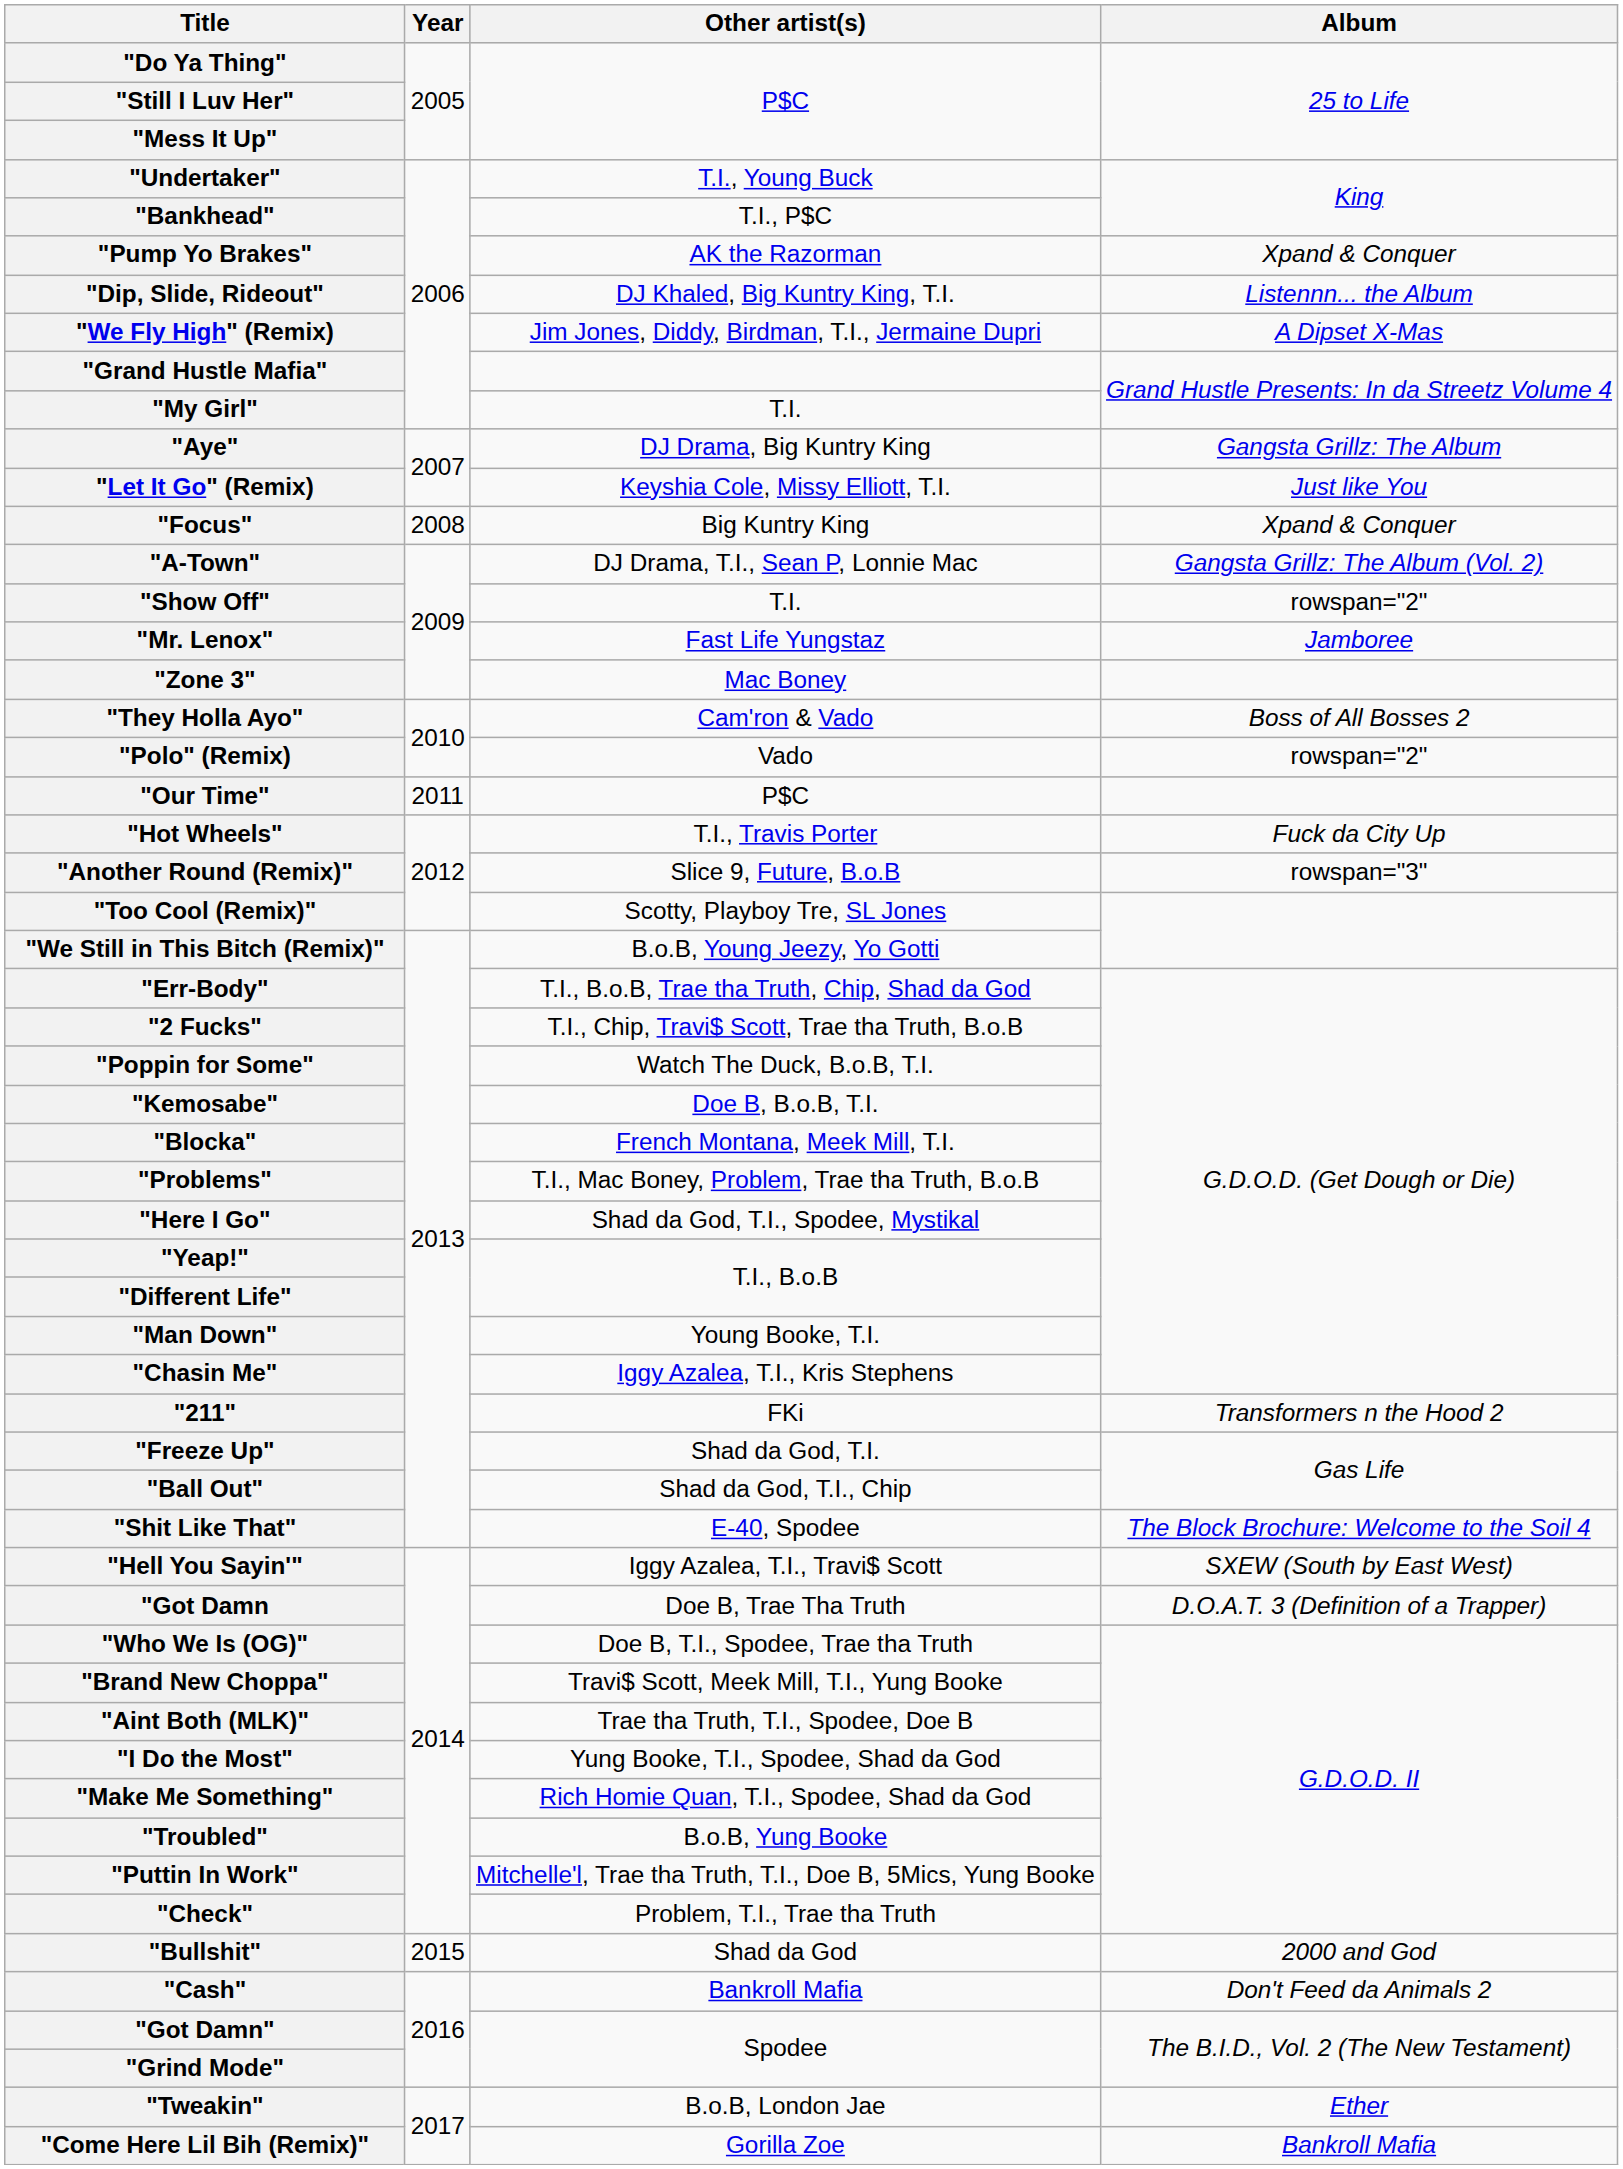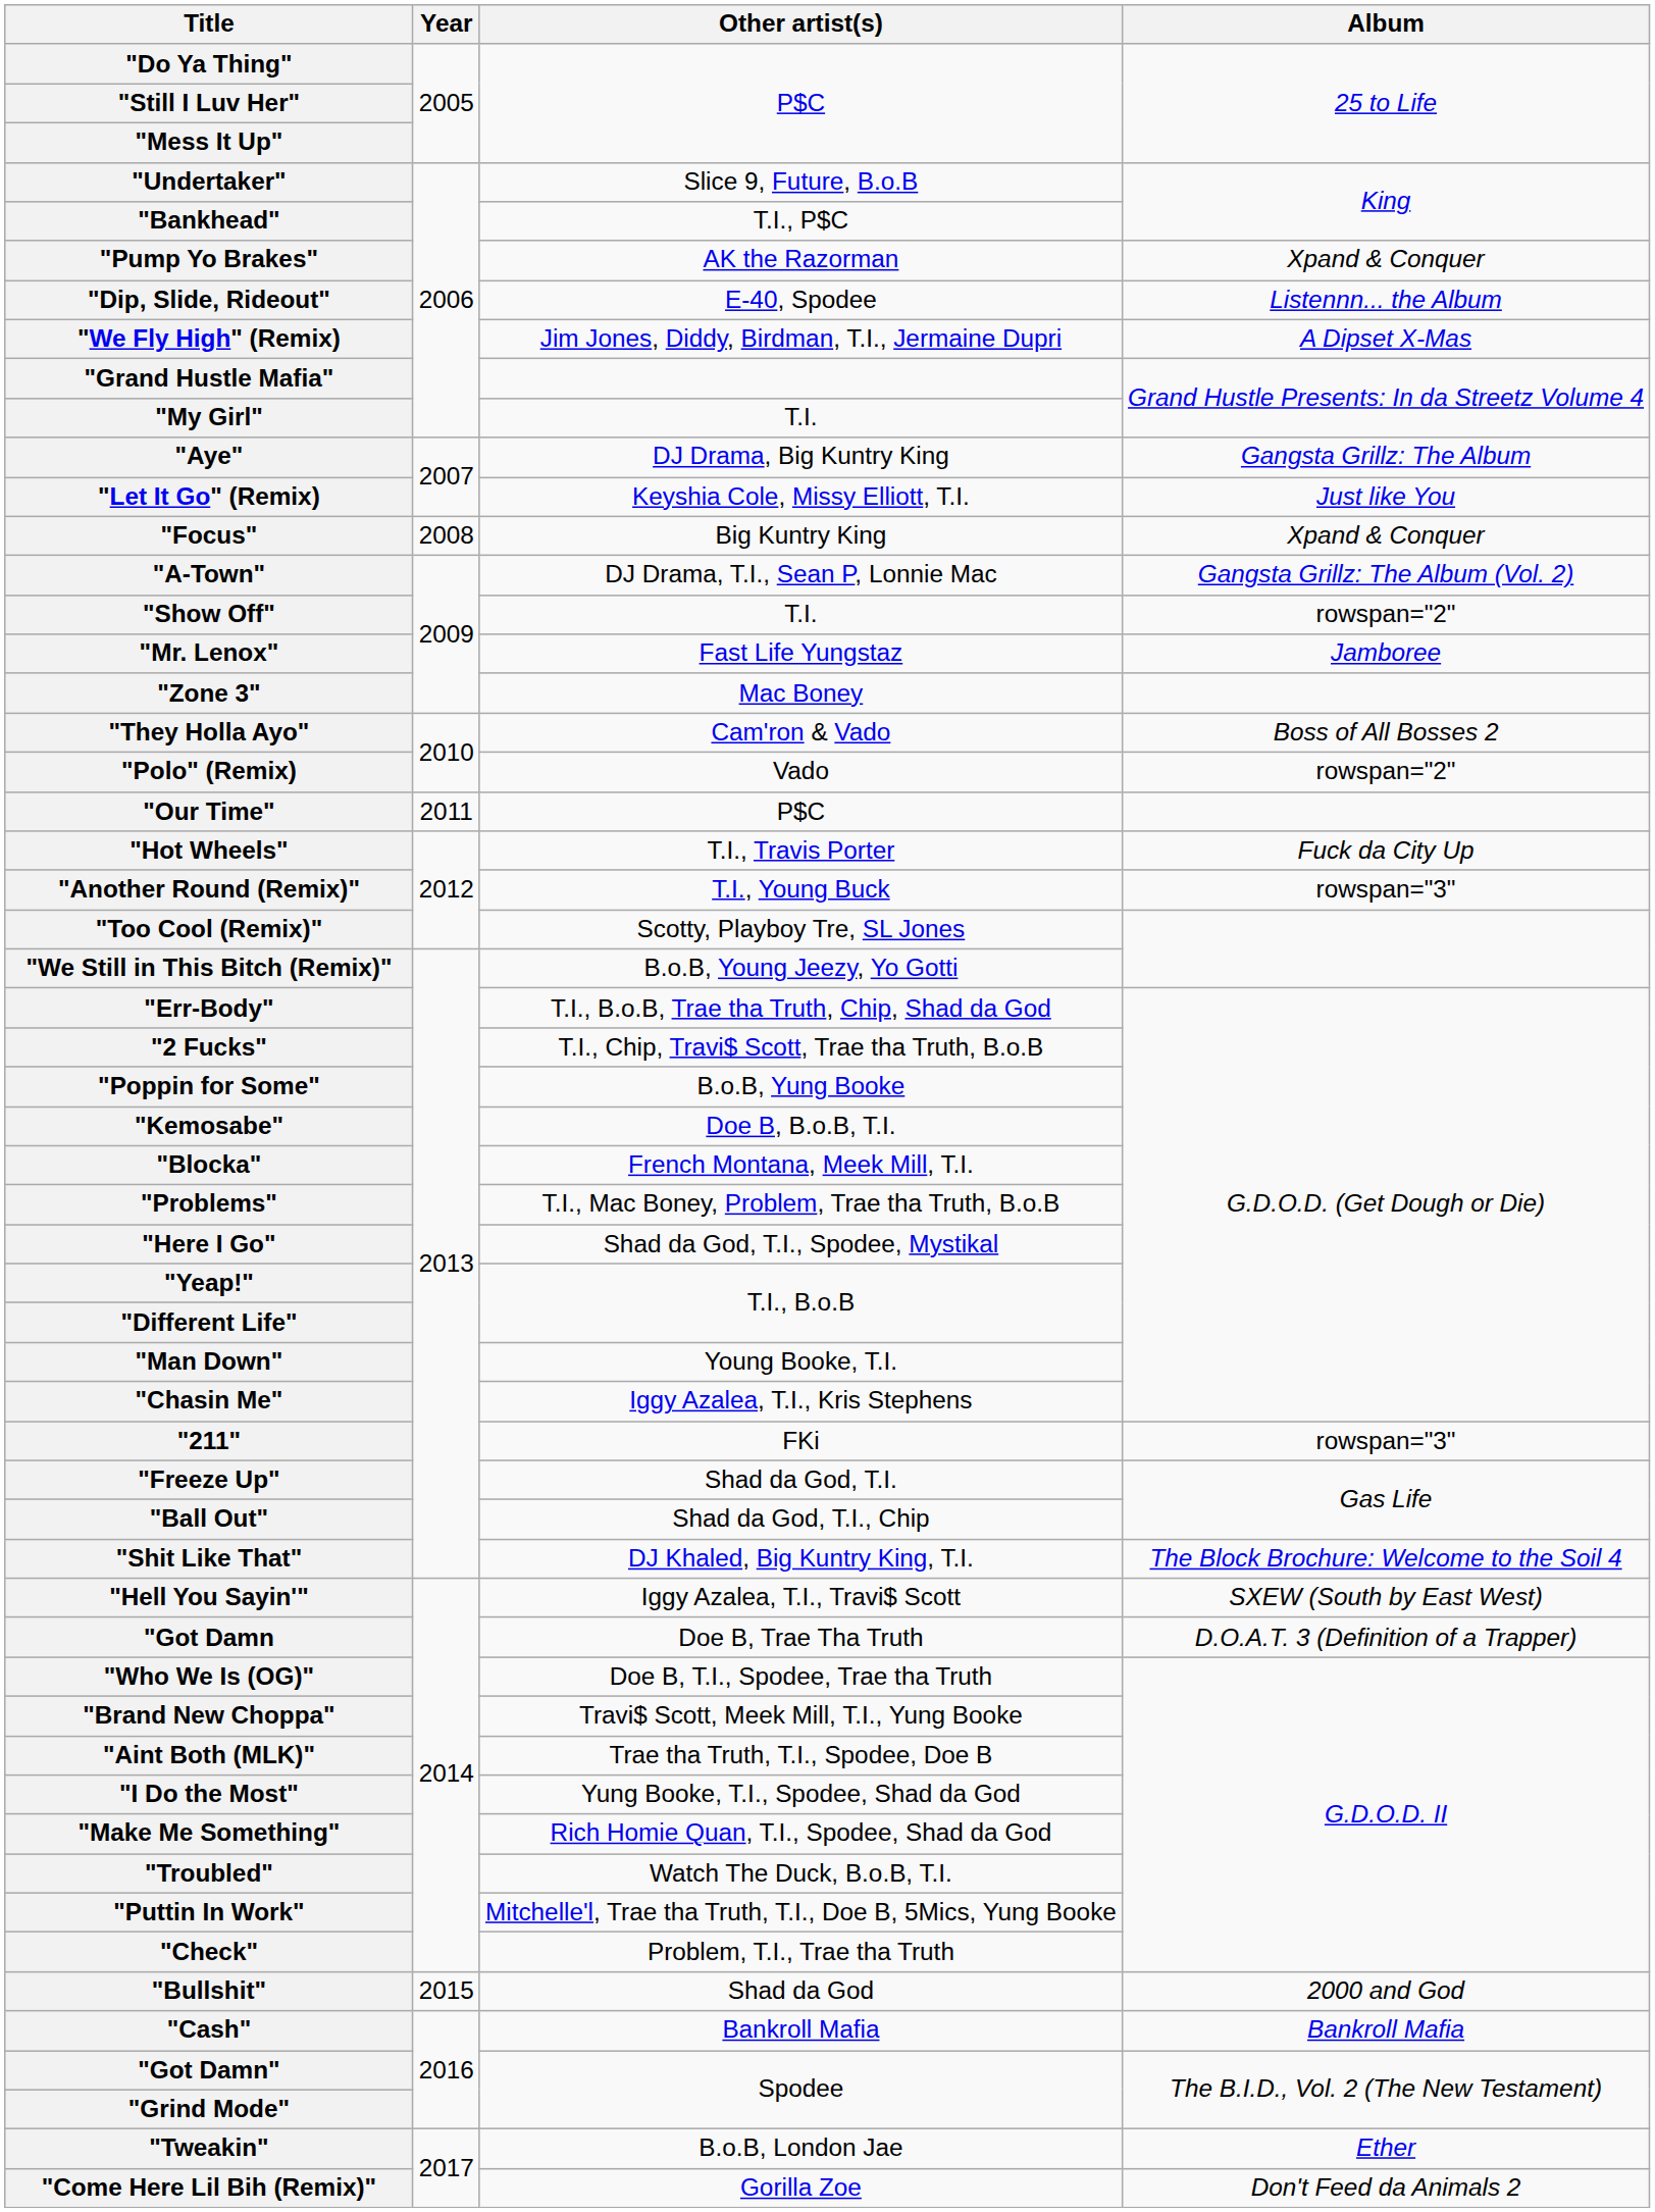 <table class="wikitable plainrowheaders" style="text-align:center">
 <tr>
 <th scope="col" style="width:16em;">Title</th>
 <th scope="col">Year</th>
 <th scope="col">Other artist(s)</th>
 <th scope="col">Album</th>
 </tr>
 <tr>
 <th scope="row">"Do Ya Thing"</th>
 <td rowspan="3">2005</td>
 <td rowspan="3"><a href='#'>P$C</a></td>
 <td rowspan="3"><em><a href='#'>25 to Life</a></em></td>
 </tr>
 <tr>
 <th scope="row">"Still I Luv Her"</th>
 </tr>
 <tr>
 <th scope="row">"Mess It Up"</th>
 </tr>
 <tr>
 <th scope="row">"Undertaker"</th>
 <td rowspan="7">2006</td>
-<td><a href='#'>T.I.</a>, <a href='#'>Young Buck</a></td>
+<td>Slice 9, <a href='#'>Future</a>, <a href='#'>B.o.B</a></td>
 <td rowspan="2"><em><a href='#'>King</a></em></td>
 </tr>
 <tr>
 <th scope="row">"Bankhead"</th>
 <td>T.I., P$C</td>
 </tr>
 <tr>
 <th scope="row">"Pump Yo Brakes"</th>
 <td><a href='#'>AK the Razorman</a></td>
 <td><em>Xpand & Conquer</em></td>
 </tr>
 <tr>
 <th scope="row">"Dip, Slide, Rideout"</th>
-<td><a href='#'>DJ Khaled</a>, <a href='#'>Big Kuntry King</a>, T.I.</td>
+<td><a href='#'>E-40</a>, Spodee</td>
 <td><em><a href='#'>Listennn... the Album</a></em></td>
 </tr>
 <tr>
 <th scope="row">"<a href='#'>We Fly High</a>" (Remix)</th>
 <td><a href='#'>Jim Jones</a>, <a href='#'>Diddy</a>, <a href='#'>Birdman</a>, T.I., <a href='#'>Jermaine Dupri</a></td>
 <td><em><a href='#'>A Dipset X-Mas</a></em></td>
 </tr>
 <tr>
 <th scope="row">"Grand Hustle Mafia"</th>
 <td></td>
 <td rowspan="2"><em><a href='#'>Grand Hustle Presents: In da Streetz Volume 4</a></em></td>
 </tr>
 <tr>
 <th scope="row">"My Girl"</th>
 <td>T.I.</td>
 </tr>
 <tr>
 <th scope="row">"Aye"</th>
 <td rowspan="2">2007</td>
 <td><a href='#'>DJ Drama</a>, Big Kuntry King</td>
 <td><em><a href='#'>Gangsta Grillz: The Album</a></em></td>
 </tr>
 <tr>
 <th scope="row">"<a href='#'>Let It Go</a>" (Remix)</th>
 <td><a href='#'>Keyshia Cole</a>, <a href='#'>Missy Elliott</a>, T.I.</td>
 <td><em><a href='#'>Just like You</a></em></td>
 </tr>
 <tr>
 <th scope="row">"Focus"</th>
 <td>2008</td>
 <td>Big Kuntry King</td>
 <td><em>Xpand & Conquer</em></td>
 </tr>
 <tr>
 <th scope="row">"A-Town"</th>
 <td rowspan="4">2009</td>
 <td>DJ Drama, T.I., <a href='#'>Sean P</a>, Lonnie Mac</td>
 <td><em><a href='#'>Gangsta Grillz: The Album (Vol. 2)</a></em></td>
 </tr>
 <tr>
 <th scope="row">"Show Off"</th>
 <td>T.I.</td>
 <td>rowspan="2" </td>
 </tr>
 <tr>
 <th scope="row">"Mr. Lenox"</th>
 <td><a href='#'>Fast Life Yungstaz</a></td>
 <td><em><a href='#'>Jamboree</a></em></td>
 </tr>
 <tr>
 <th scope="row">"Zone 3"</th>
 <td><a href='#'>Mac Boney</a></td>
 <td></td>
 </tr>
 <tr>
 <th scope="row">"They Holla Ayo"<br></th>
 <td rowspan="2">2010</td>
 <td><a href='#'>Cam'ron</a> & <a href='#'>Vado</a></td>
 <td><em>Boss of All Bosses 2</em></td>
 </tr>
 <tr>
 <th scope="row">"Polo" (Remix)</th>
 <td>Vado</td>
 <td>rowspan="2" </td>
 </tr>
 <tr>
 <th scope="row">"Our Time"</th>
 <td>2011</td>
 <td>P$C</td>
 </tr>
 <tr>
 <th scope="row">"Hot Wheels"</th>
 <td rowspan="3">2012</td>
 <td>T.I., <a href='#'>Travis Porter</a></td>
 <td><em>Fuck da City Up</em></td>
 </tr>
 <tr>
 <th scope="row">"Another Round (Remix)"</th>
-<td>Slice 9, <a href='#'>Future</a>, <a href='#'>B.o.B</a></td>
+<td><a href='#'>T.I.</a>, <a href='#'>Young Buck</a></td>
 <td>rowspan="3" </td>
 </tr>
 <tr>
 <th scope="row">"Too Cool (Remix)"</th>
 <td>Scotty, Playboy Tre, <a href='#'>SL Jones</a></td>
 </tr>
 <tr>
 <th scope="row">"We Still in This Bitch (Remix)"</th>
 <td rowspan="16">2013</td>
 <td>B.o.B, <a href='#'>Young Jeezy</a>, <a href='#'>Yo Gotti</a></td>
 </tr>
 <tr>
 <th scope="row">"Err-Body"</th>
 <td>T.I., B.o.B, <a href='#'>Trae tha Truth</a>, <a href='#'>Chip</a>, <a href='#'>Shad da God</a></td>
 <td rowspan="11"><em>G.D.O.D. (Get Dough or Die)</em></td>
 </tr>
 <tr>
 <th scope="row">"2 Fucks"</th>
 <td>T.I., Chip, <a href='#'>Travi$ Scott</a>, Trae tha Truth, B.o.B</td>
 </tr>
 <tr>
 <th scope="row">"Poppin for Some"</th>
-<td>Watch The Duck, B.o.B, T.I.</td>
+<td>B.o.B, <a href='#'>Yung Booke</a></td>
 </tr>
 <tr>
 <th scope="row">"Kemosabe"</th>
 <td><a href='#'>Doe B</a>, B.o.B, T.I.</td>
 </tr>
 <tr>
 <th scope="row">"Blocka"</th>
 <td><a href='#'>French Montana</a>, <a href='#'>Meek Mill</a>, T.I.</td>
 </tr>
 <tr>
 <th scope="row">"Problems"</th>
 <td>T.I., Mac Boney, <a href='#'>Problem</a>, Trae tha Truth, B.o.B</td>
 </tr>
 <tr>
 <th scope="row">"Here I Go"</th>
 <td>Shad da God, T.I., Spodee, <a href='#'>Mystikal</a></td>
 </tr>
 <tr>
 <th scope="row">"Yeap!"</th>
 <td rowspan="2">T.I., B.o.B</td>
 </tr>
 <tr>
 <th scope="row">"Different Life"</th>
 </tr>
 <tr>
 <th scope="row">"Man Down"</th>
 <td>Young Booke, T.I.</td>
 </tr>
 <tr>
 <th scope="row">"Chasin Me"</th>
 <td><a href='#'>Iggy Azalea</a>, T.I., Kris Stephens</td>
 </tr>
 <tr>
 <th scope="row">"211"</th>
 <td>FKi</td>
-<td><em>Transformers n the Hood 2</em></td>
+<td>rowspan="3" </td>
 </tr>
 <tr>
 <th scope="row">"Freeze Up"</th>
 <td>Shad da God, T.I.</td>
 <td rowspan="2"><em>Gas Life</em></td>
 </tr>
 <tr>
 <th scope="row">"Ball Out"</th>
 <td>Shad da God, T.I., Chip</td>
 </tr>
 <tr>
 <th scope="row">"Shit Like That"</th>
-<td><a href='#'>E-40</a>, Spodee</td>
+<td><a href='#'>DJ Khaled</a>, <a href='#'>Big Kuntry King</a>, T.I.</td>
 <td><em><a href='#'>The Block Brochure: Welcome to the Soil 4</a></em></td>
 </tr>
 <tr>
 <th scope="row">"Hell You Sayin'"</th>
 <td rowspan="10">2014</td>
 <td>Iggy Azalea, T.I., Travi$ Scott</td>
 <td><em>SXEW (South by East West)</em></td>
 </tr>
 <tr>
 <th scope="row">"Got Damn</th>
 <td>Doe B, Trae Tha Truth</td>
 <td><em>D.O.A.T. 3 (Definition of a Trapper)</em></td>
 </tr>
 <tr>
 <th scope="row">"Who We Is (OG)"</th>
 <td>Doe B, T.I., Spodee, Trae tha Truth</td>
 <td rowspan="8"><em><a href='#'>G.D.O.D. II</a></em></td>
 </tr>
 <tr>
 <th scope="row">"Brand New Choppa"</th>
 <td>Travi$ Scott, Meek Mill, T.I., Yung Booke</td>
 </tr>
 <tr>
 <th scope="row">"Aint Both (MLK)"</th>
 <td>Trae tha Truth, T.I., Spodee, Doe B</td>
 </tr>
 <tr>
 <th scope="row">"I Do the Most"</th>
 <td>Yung Booke, T.I., Spodee, Shad da God</td>
 </tr>
 <tr>
 <th scope="row">"Make Me Something"</th>
 <td><a href='#'>Rich Homie Quan</a>, T.I., Spodee, Shad da God</td>
 </tr>
 <tr>
 <th scope="row">"Troubled"</th>
-<td>B.o.B, <a href='#'>Yung Booke</a></td>
+<td>Watch The Duck, B.o.B, T.I.</td>
 </tr>
 <tr>
 <th scope="row">"Puttin In Work"</th>
 <td><a href='#'>Mitchelle'l</a>, Trae tha Truth, T.I., Doe B, 5Mics, Yung Booke</td>
 </tr>
 <tr>
 <th scope="row">"Check"</th>
 <td>Problem, T.I., Trae tha Truth</td>
 </tr>
 <tr>
 <th scope="row">"Bullshit"</th>
 <td>2015</td>
 <td>Shad da God</td>
 <td><em>2000 and God</em></td>
 </tr>
 <tr>
 <th scope="row">"Cash"</th>
 <td rowspan="3">2016</td>
 <td><a href='#'>Bankroll Mafia</a></td>
-<td><em>Don't Feed da Animals 2</em></td>
+<td><em><a href='#'>Bankroll Mafia</a></em></td>
 </tr>
 <tr>
 <th scope="row">"Got Damn"</th>
 <td rowspan="2">Spodee</td>
 <td rowspan="2"><em>The B.I.D., Vol. 2 (The New Testament)</em></td>
 </tr>
 <tr>
 <th scope="row">"Grind Mode"</th>
 </tr>
 <tr>
 <th scope="row">"Tweakin"</th>
 <td rowspan="2">2017</td>
 <td>B.o.B, London Jae</td>
 <td><em><a href='#'>Ether</a></em></td>
 </tr>
 <tr>
 <th scope="row">"Come Here Lil Bih (Remix)"</th>
 <td><a href='#'>Gorilla Zoe</a></td>
-<td><em><a href='#'>Bankroll Mafia</a></em></td>
+<td><em>Don't Feed da Animals 2</em></td>
 </tr>
 </table>
